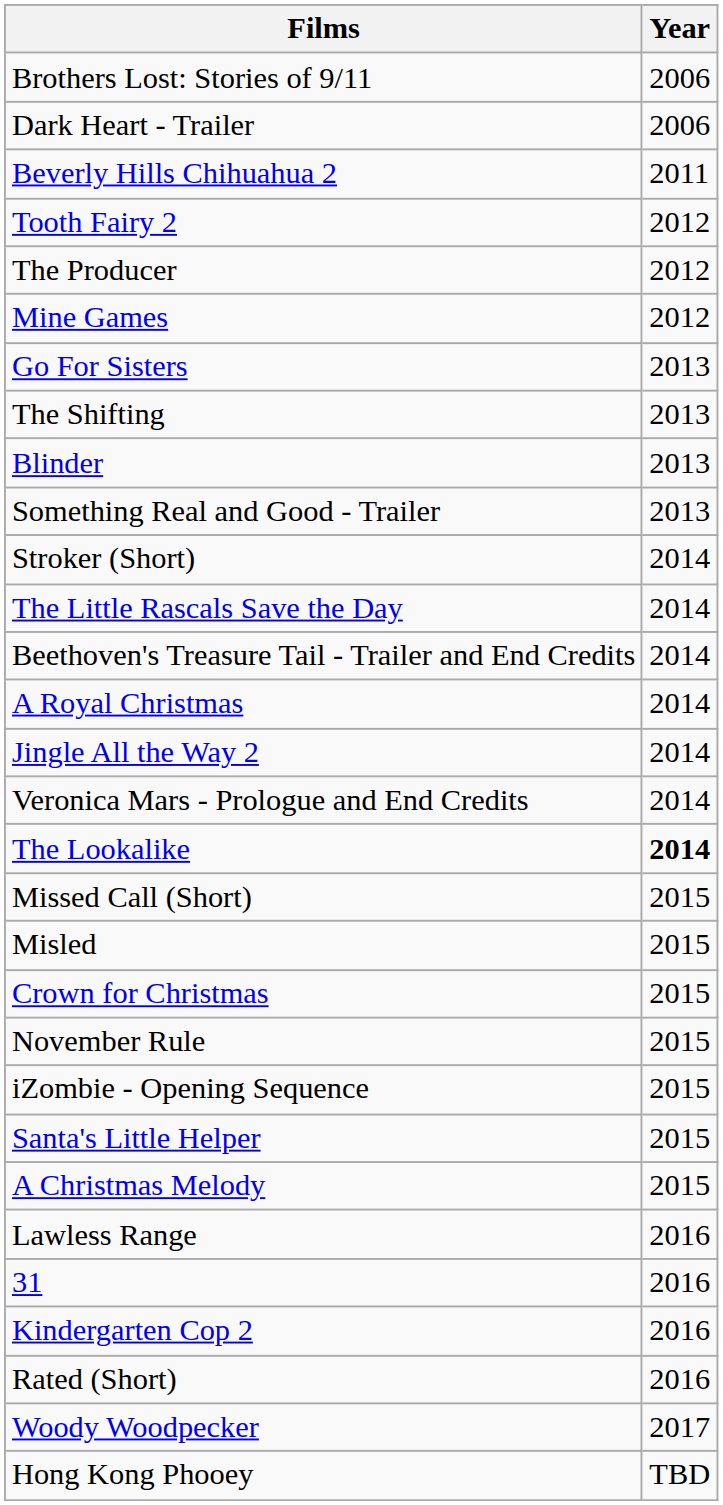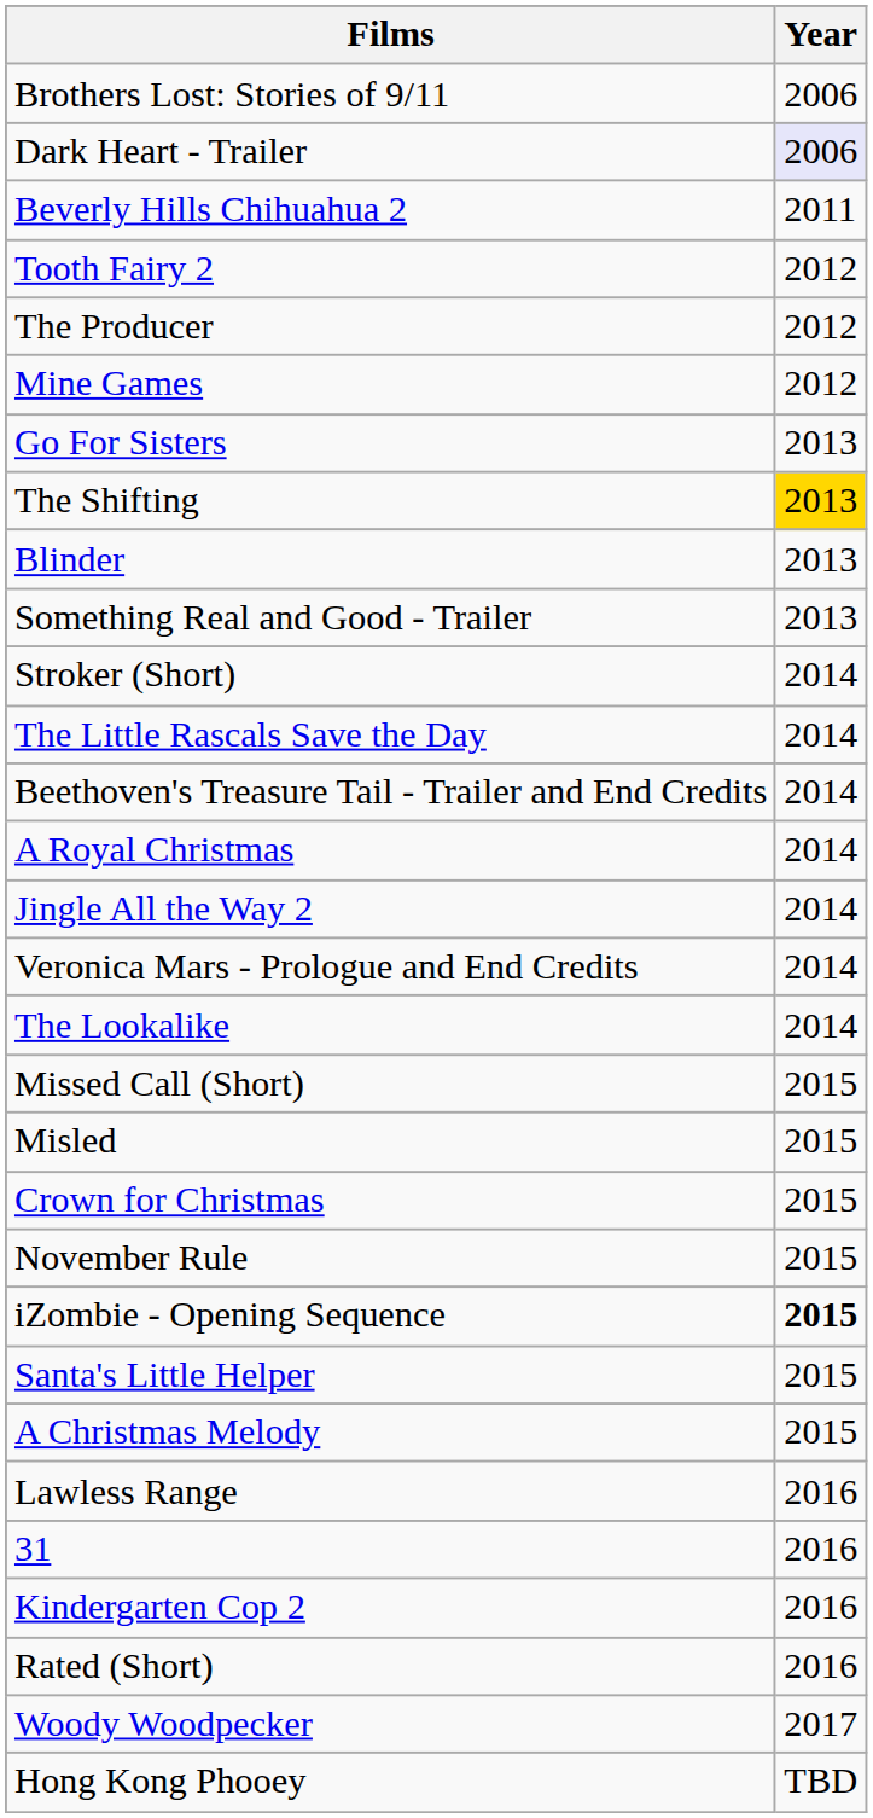 <table class="wikitable">
 <tr>
 <th>Films</th>
 <th>Year</th>
 </tr>
 <tr>
 <td>Brothers Lost: Stories of 9/11</td>
 <td>2006</td>
 </tr>
 <tr>
 <td>Dark Heart - Trailer</td>
-<td>2006</td>
+<td style="background: lavender;">2006</td>
 </tr>
 <tr>
 <td><a href='#'>Beverly Hills Chihuahua 2</a></td>
 <td>2011</td>
 </tr>
 <tr>
 <td><a href='#'>Tooth Fairy 2</a></td>
 <td>2012</td>
 </tr>
 <tr>
 <td>The Producer</td>
 <td>2012</td>
 </tr>
 <tr>
 <td><a href='#'>Mine Games</a></td>
 <td>2012</td>
 </tr>
 <tr>
 <td><a href='#'>Go For Sisters</a></td>
 <td>2013</td>
 </tr>
 <tr>
 <td>The Shifting</td>
-<td>2013</td>
+<td style="background: gold;">2013</td>
 </tr>
 <tr>
 <td><a href='#'>Blinder</a></td>
 <td>2013</td>
 </tr>
 <tr>
 <td>Something Real and Good - Trailer</td>
 <td>2013</td>
 </tr>
 <tr>
 <td>Stroker (Short)</td>
 <td>2014</td>
 </tr>
 <tr>
 <td><a href='#'>The Little Rascals Save the Day</a></td>
 <td>2014</td>
 </tr>
 <tr>
 <td>Beethoven's Treasure Tail - Trailer and End Credits</td>
 <td>2014</td>
 </tr>
 <tr>
 <td><a href='#'>A Royal Christmas</a></td>
 <td>2014</td>
 </tr>
 <tr>
 <td><a href='#'>Jingle All the Way 2</a></td>
 <td>2014</td>
 </tr>
 <tr>
 <td>Veronica Mars - Prologue and End Credits</td>
 <td>2014</td>
 </tr>
 <tr>
 <td><a href='#'>The Lookalike</a></td>
-<td><strong>2014</strong></td>
+<td>2014</td>
 </tr>
 <tr>
 <td>Missed Call (Short)</td>
 <td>2015</td>
 </tr>
 <tr>
 <td>Misled</td>
 <td>2015</td>
 </tr>
 <tr>
 <td><a href='#'>Crown for Christmas</a></td>
 <td>2015</td>
 </tr>
 <tr>
 <td>November Rule</td>
 <td>2015</td>
 </tr>
 <tr>
 <td>iZombie - Opening Sequence</td>
-<td>2015</td>
+<td><strong>2015</strong></td>
 </tr>
 <tr>
 <td><a href='#'>Santa's Little Helper</a></td>
 <td>2015</td>
 </tr>
 <tr>
 <td><a href='#'>A Christmas Melody</a></td>
 <td>2015</td>
 </tr>
 <tr>
 <td>Lawless Range</td>
 <td>2016</td>
 </tr>
 <tr>
 <td><a href='#'>31</a></td>
 <td>2016</td>
 </tr>
 <tr>
 <td><a href='#'>Kindergarten Cop 2</a></td>
 <td>2016</td>
 </tr>
 <tr>
 <td>Rated (Short)</td>
 <td>2016</td>
 </tr>
 <tr>
 <td><a href='#'>Woody Woodpecker</a></td>
 <td>2017</td>
 </tr>
 <tr>
 <td>Hong Kong Phooey</td>
 <td>TBD</td>
 </tr>
 </table>
